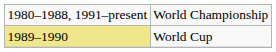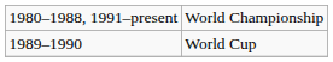 <table class="wikitable">
 <tr>
 <td>1980–1988, 1991–present</td>
 <td>World Championship</td>
 </tr>
 <tr>
-<td style="background: khaki;">1989–1990</td>
+<td>1989–1990</td>
 <td>World Cup</td>
 </tr>
 <tr>
 </tr>
 </table>
